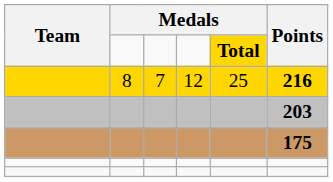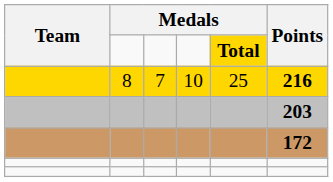 <table class="wikitable" style="text-align:center;">
 <tr>
 <th width=80px rowspan=2>Team</th>
 <th colspan=4>Medals</th>
 <th rowspan=2>Points</th>
 </tr>
 <tr>
 <td width=20px></td>
 <td width=20px></td>
 <td width=20px></td>
 <td width=40px align=center style="background: gold;"><strong>Total</strong></td>
 </tr>
 <tr bgcolor=gold>
 <td></td>
 <td>8</td>
 <td>7</td>
-<td>12</td>
+<td>10</td>
 <td>25</td>
 <td><strong>216</strong></td>
 </tr>
 <tr bgcolor=silver>
 <td></td>
 <td></td>
 <td></td>
 <td></td>
 <td></td>
 <td><strong>203</strong></td>
 </tr>
 <tr bgcolor=cc9966>
 <td></td>
 <td></td>
 <td></td>
 <td></td>
 <td></td>
-<td><strong>175</strong></td>
+<td><strong>172</strong></td>
 </tr>
 <tr>
 <td></td>
 <td></td>
 <td></td>
 <td></td>
 <td></td>
 <td></td>
 </tr>
 <tr>
 <td></td>
 <td></td>
 <td align=center></td>
 <td></td>
 <td></td>
 <td></td>
 </tr>
 </table>
